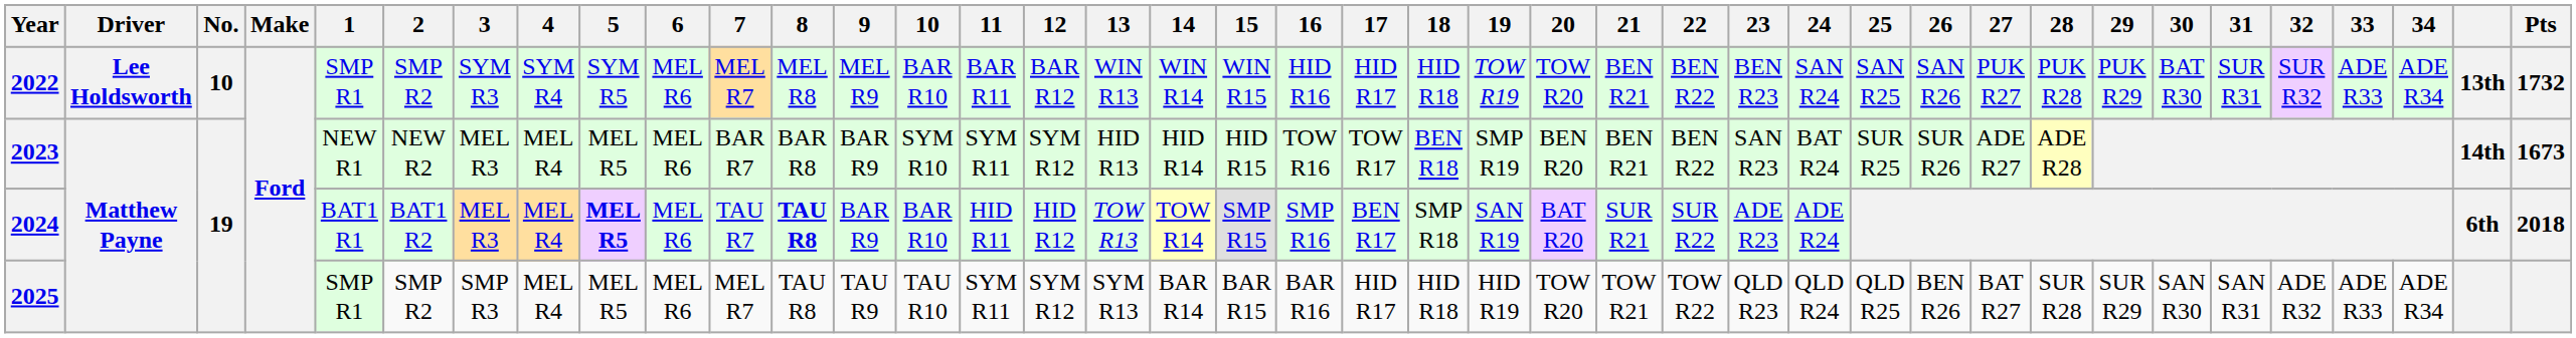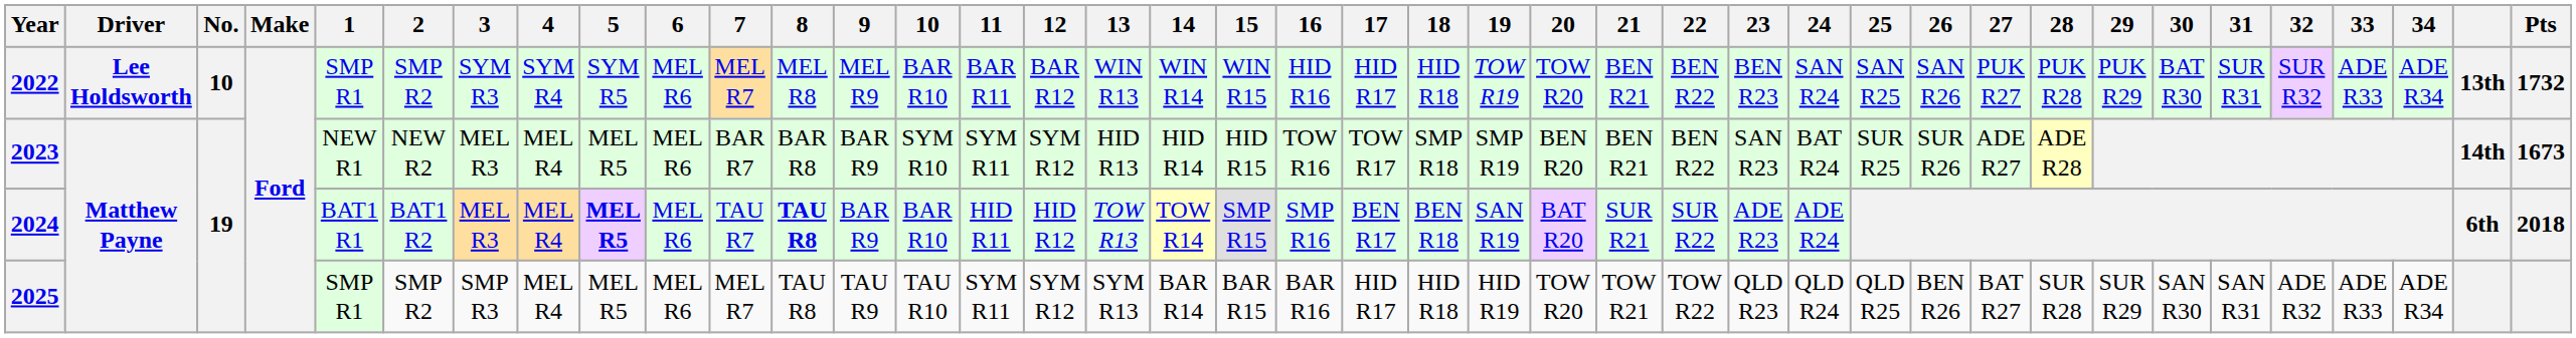 <table class="wikitable mw-collapsible mw-collapsed" style="text-align:center; font-size:75%">
 <tr>
 <th>Year</th>
 <th>Driver</th>
 <th>No.</th>
 <th>Make</th>
 <th>1</th>
 <th>2</th>
 <th>3</th>
 <th>4</th>
 <th>5</th>
 <th>6</th>
 <th>7</th>
 <th>8</th>
 <th>9</th>
 <th>10</th>
 <th>11</th>
 <th>12</th>
 <th>13</th>
 <th>14</th>
 <th>15</th>
 <th>16</th>
 <th>17</th>
 <th>18</th>
 <th>19</th>
 <th>20</th>
 <th>21</th>
 <th>22</th>
 <th>23</th>
 <th>24</th>
 <th>25</th>
 <th>26</th>
 <th>27</th>
 <th>28</th>
 <th>29</th>
 <th>30</th>
 <th>31</th>
 <th>32</th>
 <th>33</th>
 <th>34</th>
 <th></th>
 <th>Pts</th>
 </tr>
 <tr>
 <th><a href='#'>2022</a></th>
 <th><a href='#'>Lee Holdsworth</a></th>
 <th rowspan=1>10</th>
 <th rowspan=4><a href='#'>Ford</a></th>
 <td style="background: #dfffdf"><a href='#'>SMP<br>R1</a><br></td>
 <td style="background: #dfffdf"><a href='#'>SMP<br>R2</a><br></td>
 <td style="background: #dfffdf"><a href='#'>SYM<br>R3</a><br></td>
 <td style="background: #dfffdf"><a href='#'>SYM<br>R4</a><br></td>
 <td style="background: #dfffdf"><a href='#'>SYM<br>R5</a><br></td>
 <td style="background: #dfffdf"><a href='#'>MEL<br>R6</a><br></td>
 <td style="background: #ffdf9f"><a href='#'>MEL<br>R7</a><br></td>
 <td style="background: #dfffdf"><a href='#'>MEL<br>R8</a><br></td>
 <td style="background: #dfffdf"><a href='#'>MEL<br>R9</a><br></td>
 <td style="background: #dfffdf"><a href='#'>BAR<br>R10</a><br></td>
 <td style="background: #dfffdf"><a href='#'>BAR<br>R11</a><br></td>
 <td style="background: #dfffdf"><a href='#'>BAR<br>R12</a><br></td>
 <td style="background: #dfffdf"><a href='#'>WIN<br>R13</a><br></td>
 <td style="background: #dfffdf"><a href='#'>WIN<br>R14</a><br></td>
 <td style="background: #dfffdf"><a href='#'>WIN<br>R15</a><br></td>
 <td style="background: #dfffdf"><a href='#'>HID<br>R16</a><br></td>
 <td style="background: #dfffdf"><a href='#'>HID<br>R17</a><br></td>
 <td style="background: #dfffdf"><a href='#'>HID<br>R18</a><br></td>
 <td style="background: #dfffdf"><em><a href='#'>TOW<br>R19</a><br></em></td>
 <td style="background: #dfffdf"><a href='#'>TOW<br>R20</a><br></td>
 <td style="background: #dfffdf"><a href='#'>BEN<br>R21</a><br></td>
 <td style="background: #dfffdf"><a href='#'>BEN<br>R22</a><br></td>
 <td style="background: #dfffdf"><a href='#'>BEN<br>R23</a><br></td>
 <td style="background: #dfffdf"><a href='#'>SAN<br>R24</a><br></td>
 <td style="background: #dfffdf"><a href='#'>SAN<br>R25</a><br></td>
 <td style="background: #dfffdf"><a href='#'>SAN<br>R26</a><br></td>
 <td style="background: #dfffdf"><a href='#'>PUK<br>R27</a><br></td>
 <td style="background: #dfffdf"><a href='#'>PUK<br>R28</a><br></td>
 <td style="background: #dfffdf"><a href='#'>PUK<br>R29</a><br></td>
 <td style="background: #dfffdf"><a href='#'>BAT<br>R30</a><br></td>
 <td style="background: #dfffdf"><a href='#'>SUR<br>R31</a><br></td>
 <td style="background: #efcfff"><a href='#'>SUR<br>R32</a><br></td>
 <td style="background: #dfffdf"><a href='#'>ADE<br>R33</a><br></td>
 <td style="background: #dfffdf"><a href='#'>ADE<br>R34</a><br></td>
 <th>13th</th>
 <th>1732</th>
 </tr>
 <tr>
 <th><a href='#'>2023</a></th>
 <th rowspan=3><a href='#'>Matthew Payne</a></th>
 <th rowspan=3>19</th>
 <td style="background:#dfffdf">NEW<br>R1<br></td>
 <td style="background:#dfffdf">NEW<br>R2<br></td>
 <td style="background:#dfffdf">MEL<br>R3<br></td>
 <td style="background:#dfffdf">MEL<br>R4<br></td>
 <td style="background:#dfffdf">MEL<br>R5<br></td>
 <td style="background:#dfffdf">MEL<br>R6<br></td>
 <td style="background:#dfffdf">BAR<br>R7<br></td>
 <td style="background:#dfffdf">BAR<br>R8<br></td>
 <td style="background:#dfffdf">BAR<br>R9<br></td>
 <td style="background:#dfffdf">SYM<br>R10<br></td>
 <td style="background:#dfffdf">SYM<br>R11<br></td>
 <td style="background:#dfffdf">SYM<br>R12<br></td>
 <td style="background:#dfffdf">HID<br>R13<br></td>
 <td style="background:#dfffdf">HID<br>R14<br></td>
 <td style="background:#dfffdf">HID<br>R15<br></td>
 <td style="background:#dfffdf">TOW<br>R16<br></td>
 <td style="background:#dfffdf">TOW<br>R17<br></td>
-<td style=background:#dfffdf><a href='#'>BEN<br>R18</a><br></td>
+<td style="background:#dfffdf">SMP<br>R18<br></td>
 <td style="background:#dfffdf">SMP<br>R19<br></td>
 <td style="background:#dfffdf">BEN<br>R20<br></td>
 <td style="background:#dfffdf">BEN<br>R21<br></td>
 <td style="background:#dfffdf">BEN<br>R22<br></td>
 <td style="background:#dfffdf">SAN<br>R23<br></td>
 <td style="background:#dfffdf">BAT<br>R24<br></td>
 <td style="background:#dfffdf">SUR<br>R25<br></td>
 <td style="background:#dfffdf">SUR<br>R26<br></td>
 <td style="background:#dfffdf">ADE<br>R27<br></td>
 <td style="background:#ffffbf">ADE<br>R28<br></td>
 <th colspan=6></th>
 <th>14th</th>
 <th>1673</th>
 </tr>
 <tr>
 <th><a href='#'>2024</a></th>
 <td style=background:#dfffdf><a href='#'>BAT1<br>R1</a><br></td>
 <td style=background:#dfffdf><a href='#'>BAT1<br>R2</a><br></td>
 <td style=background:#ffdf9f><a href='#'>MEL<br>R3</a><br></td>
 <td style=background:#ffdf9f><a href='#'>MEL<br>R4</a><br></td>
 <td style=background:#efcfff><strong><a href='#'>MEL<br>R5</a><br></strong></td>
 <td style=background:#dfffdf><a href='#'>MEL<br>R6</a><br></td>
 <td style=background:#dfffdf><a href='#'>TAU<br>R7</a><br></td>
 <td style=background:#dfffdf><strong><a href='#'>TAU<br>R8</a><br></strong></td>
 <td style=background:#dfffdf><a href='#'>BAR<br>R9</a><br></td>
 <td style=background:#dfffdf><a href='#'>BAR<br>R10</a><br></td>
 <td style=background:#dfffdf><a href='#'>HID<br>R11</a><br></td>
 <td style=background:#dfffdf><a href='#'>HID<br>R12</a><br></td>
 <td style=background:#dfffdf><em><a href='#'>TOW<br>R13</a><br></em></td>
 <td style=background:#ffffbf><a href='#'>TOW<br>R14</a><br></td>
 <td style="background:#dfdfdf"><a href='#'>SMP<br>R15</a> <br></td>
 <td style=background:#dfffdf><a href='#'>SMP<br>R16</a> <br></td>
 <td style=background:#dfffdf><a href='#'>BEN<br>R17</a><br></td>
-<td style="background:#dfffdf">SMP<br>R18<br></td>
+<td style=background:#dfffdf><a href='#'>BEN<br>R18</a><br></td>
 <td style=background:#dfffdf><a href='#'>SAN<br>R19</a><br></td>
 <td style=background:#efcfff><a href='#'>BAT<br>R20</a><br></td>
 <td style=background:#dfffdf><a href='#'>SUR<br>R21</a><br></td>
 <td style=background:#dfffdf><a href='#'>SUR<br>R22</a><br></td>
 <td style=background:#dfffdf><a href='#'>ADE<br>R23</a><br></td>
 <td style=background:#dfffdf><a href='#'>ADE<br>R24</a><br></td>
 <th colspan=10></th>
 <th>6th</th>
 <th>2018</th>
 </tr>
 <tr>
 <th><a href='#'>2025</a></th>
 <td style=background:#dfffdf>SMP<br>R1<br></td>
 <td>SMP<br>R2<br></td>
 <td>SMP<br>R3<br></td>
 <td>MEL<br>R4<br></td>
 <td>MEL<br>R5<br></td>
 <td>MEL<br>R6<br></td>
 <td>MEL<br>R7<br></td>
 <td>TAU<br>R8<br></td>
 <td>TAU<br>R9<br></td>
 <td>TAU<br>R10<br></td>
 <td>SYM<br>R11<br></td>
 <td>SYM<br>R12<br></td>
 <td>SYM<br>R13<br></td>
 <td>BAR<br>R14<br></td>
 <td>BAR<br>R15<br></td>
 <td>BAR<br>R16<br></td>
 <td>HID<br>R17<br></td>
 <td>HID<br>R18<br></td>
 <td>HID<br>R19<br></td>
 <td>TOW<br>R20<br></td>
 <td>TOW<br>R21<br></td>
 <td>TOW<br>R22<br></td>
 <td>QLD<br>R23<br></td>
 <td>QLD<br>R24<br></td>
 <td>QLD<br>R25<br></td>
 <td>BEN<br>R26<br></td>
 <td>BAT<br>R27<br></td>
 <td>SUR<br>R28<br></td>
 <td>SUR<br>R29<br></td>
 <td>SAN<br>R30<br></td>
 <td>SAN<br>R31<br></td>
 <td>ADE<br>R32<br></td>
 <td>ADE<br>R33<br></td>
 <td>ADE<br>R34<br></td>
 <th></th>
 <th></th>
 </tr>
 </table>
